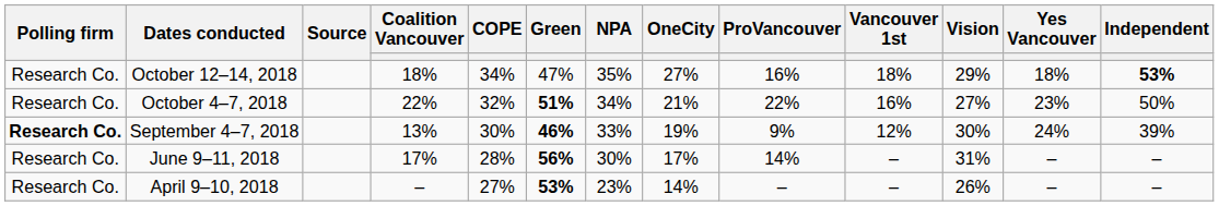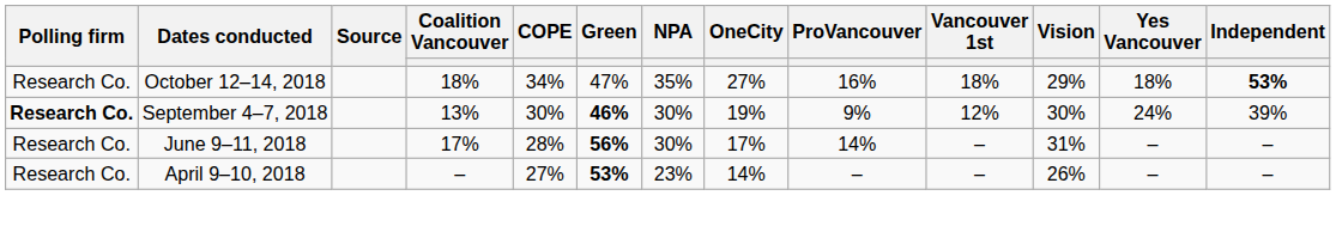 <table class="wikitable sortable" style="text-align:center; font-size:89%">
 <tr>
 <th rowspan="2">Polling firm</th>
 <th rowspan="2">Dates conducted</th>
 <th rowspan="2">Source</th>
 <th style="width:40px;">Coalition Vancouver</th>
 <th style="width:40px;">COPE</th>
 <th style="width:40px;">Green</th>
 <th style="width:40px;">NPA</th>
 <th style="width:40px;">OneCity</th>
 <th style="width:40px;">ProVancouver</th>
 <th style="width:40px;">Vancouver 1st</th>
 <th style="width:40px;">Vision</th>
 <th style="width:40px;">Yes Vancouver</th>
 <th style="width:40px;">Independent</th>
 </tr>
 <tr class="sorttop">
 <th style="background:"></th>
 <th style="background:"></th>
 <th style="background:"></th>
 <th style="background:"></th>
 <th style="background:"></th>
 <th style="background:"></th>
 <th style="background:"></th>
 <th style="background:"></th>
 <th style="background:"></th>
 <th style="background:#F0F0F0;"></th>
 </tr>
 <tr>
 <td>Research Co.</td>
 <td>October 12–14, 2018</td>
 <td></td>
 <td>18%</td>
 <td>34%</td>
 <td>47%</td>
 <td>35%</td>
 <td>27%</td>
 <td>16%</td>
 <td>18%</td>
 <td>29%</td>
 <td>18%</td>
 <td><strong>53%</strong></td>
 </tr>
 <tr>
-<td>Research Co.</td>
-<td>October 4–7, 2018</td>
-<td></td>
-<td>22%</td>
-<td>32%</td>
-<td><strong>51%</strong></td>
-<td>34%</td>
-<td>21%</td>
-<td>22%</td>
-<td>16%</td>
-<td>27%</td>
-<td>23%</td>
-<td>50%</td>
-</tr>
-<tr>
 <td><strong>Research Co.</strong></td>
 <td>September 4–7, 2018</td>
 <td></td>
 <td>13%</td>
 <td>30%</td>
 <td><strong>46%</strong></td>
-<td>33%</td>
+<td>30%</td>
 <td>19%</td>
 <td>9%</td>
 <td>12%</td>
 <td>30%</td>
 <td>24%</td>
 <td>39%</td>
 </tr>
 <tr>
 <td>Research Co.</td>
 <td>June 9–11, 2018</td>
 <td></td>
 <td>17%</td>
 <td>28%</td>
 <td><strong>56%</strong></td>
 <td>30%</td>
 <td>17%</td>
 <td>14%</td>
 <td>–</td>
 <td>31%</td>
 <td>–</td>
 <td>–</td>
 </tr>
 <tr>
 <td>Research Co.</td>
 <td>April 9–10, 2018</td>
 <td></td>
 <td>–</td>
 <td>27%</td>
 <td><strong>53%</strong></td>
 <td>23%</td>
 <td>14%</td>
 <td>–</td>
 <td>–</td>
 <td>26%</td>
 <td>–</td>
 <td>–</td>
 </tr>
 </table>
